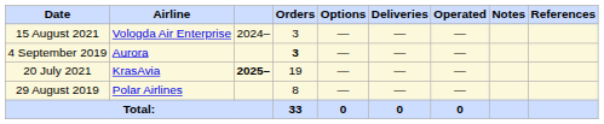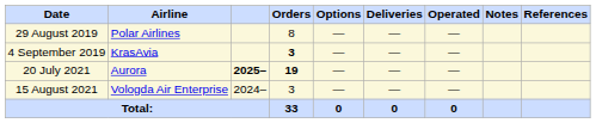 <table class="wikitable sortable" style="text-align:center; background:#fbf8db;">
 <tr>
 <th Style="background-color:#ccddff;" data-sort-type="date">Date</th>
 <th style="background-color:#ccddff;">Airline</th>
 <th style="background-color:#ccddff;"><br></th>
 <th style="background-color:#ccddff;" data-sort-type="number">Orders</th>
 <th style="background-color:#ccddff;" data-sort-type="number">Options</th>
 <th style="background-color:#ccddff;" data-sort-type="number">Deliveries</th>
 <th style="background-color:#ccddff;" data-sort-type="number">Operated</th>
 <th style="background-color:#ccddff;" class="unsortable">Notes</th>
 <th style="background-color:#ccddff;" class="unsortable">References</th>
 </tr>
 <tr>
-<td>15 August 2021</td>
-<td Align="left"> <a href='#'>Vologda Air Enterprise</a></td>
-<td>2024–</td>
-<td Style="text-align: center;">3</td>
+<td>29 August 2019</td>
+<td Align="left"> <a href='#'>Polar Airlines</a></td>
+<td></td>
+<td Style="text-align: center;">8</td>
 <td Style="text-align: center;">—</td>
 <td Style="text-align: center;">—</td>
 <td Style="text-align: center;">—</td>
 <td Style="text-align: center;"></td>
 <td></td>
 </tr>
 <tr>
 <td>4 September 2019</td>
-<td Align="left"> <a href='#'>Aurora</a></td>
+<td Align="left"> <a href='#'>KrasAvia</a></td>
 <td></td>
 <td Style="text-align: center;"><strong>3</strong></td>
 <td Style="text-align: center;">—</td>
 <td Style="text-align: center;">—</td>
 <td Style="text-align: center;”">—</td>
 <td Style="text-align: center;"></td>
 <td></td>
 </tr>
 <tr>
 <td>20 July 2021</td>
-<td Align="left"> <a href='#'>KrasAvia</a></td>
+<td Align="left"> <a href='#'>Aurora</a></td>
 <td><strong>2025–</strong></td>
-<td Style="text-align: center;">19</td>
+<td Style="text-align: center;"><strong>19</strong></td>
 <td Style="text-align: center;">—</td>
 <td Style="text-align: center;">—</td>
 <td Style="text-align: center;">—</td>
 <td Style="text-align: center;"></td>
 <td></td>
 </tr>
 <tr>
-<td>29 August 2019</td>
-<td Align="left"> <a href='#'>Polar Airlines</a></td>
-<td></td>
-<td Style="text-align: center;">8</td>
+<td>15 August 2021</td>
+<td Align="left"> <a href='#'>Vologda Air Enterprise</a></td>
+<td>2024–</td>
+<td Style="text-align: center;">3</td>
 <td Style="text-align: center;">—</td>
 <td Style="text-align: center;">—</td>
 <td Style="text-align: center;">—</td>
 <td Style="text-align: center;"></td>
 <td></td>
 </tr>
 <tr>
 <th Style="background-color:#ccddff;" colspan="3">Total:</th>
 <th style="text-align: center; background-color:#ccddff">33</th>
 <th style="text-align: center; background-color:#ccddff">0</th>
 <th style="text-align: center; background-color:#ccddff">0</th>
 <th style="text-align: center; background-color:#ccddff">0</th>
 <th style="background-color:#ccddff; text-align: center;"></th>
 <th style="background-color:#ccddff; text-align: center;"></th>
 </tr>
 </table>
